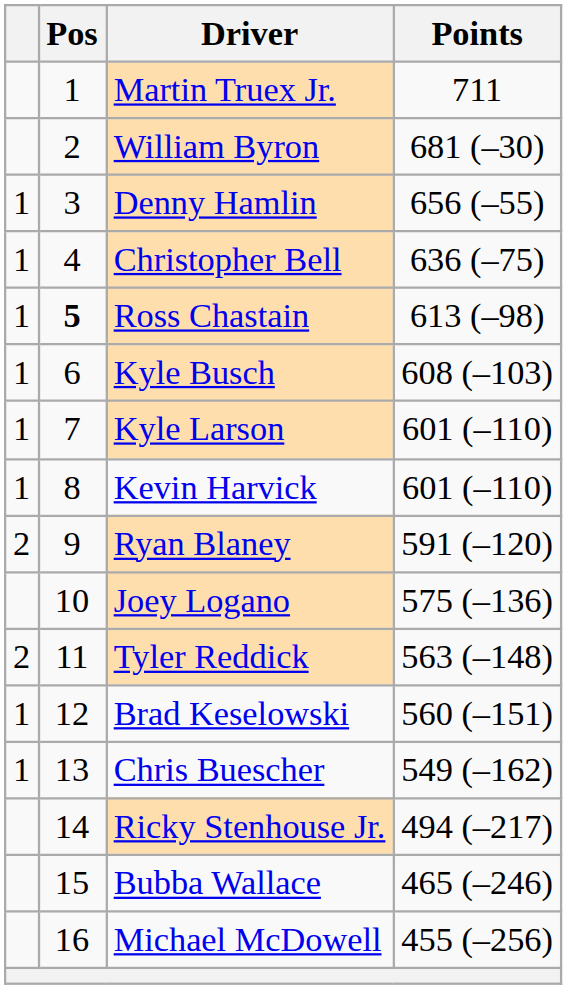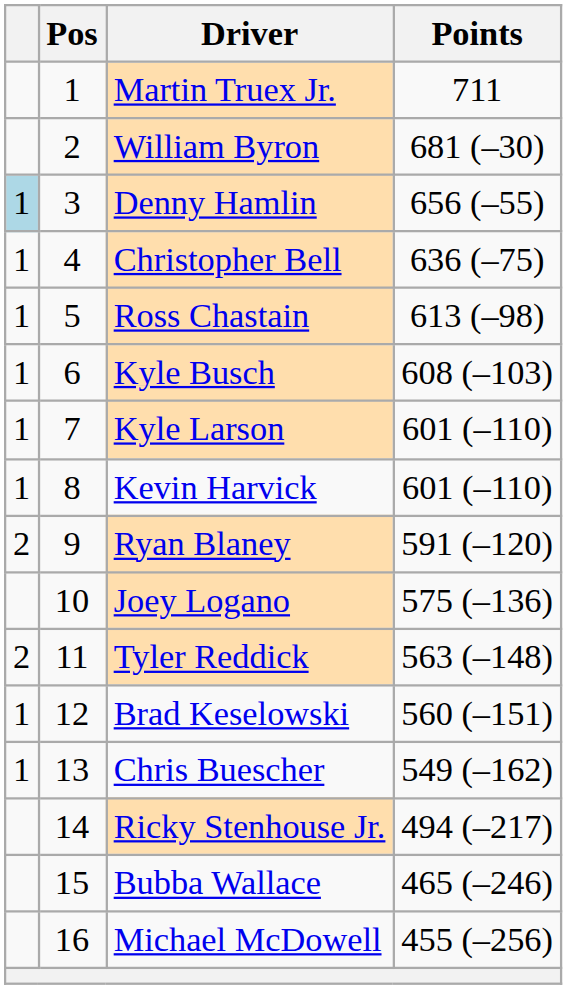 <table class="wikitable" style="font-size: 95%;">
 <tr>
 <th></th>
 <th>Pos</th>
 <th>Driver</th>
 <th>Points</th>
 </tr>
 <tr>
 <td align="left"></td>
 <td style="text-align:center;">1</td>
 <td style="background:#FFDEAD;"><a href='#'>Martin Truex Jr.</a></td>
 <td style="text-align:center;">711</td>
 </tr>
 <tr>
 <td align="left"></td>
 <td style="text-align:center;">2</td>
 <td style="background:#FFDEAD;"><a href='#'>William Byron</a></td>
 <td style="text-align:center;">681 (–30)</td>
 </tr>
 <tr>
-<td align="left"> 1</td>
+<td align="left" style="background: lightblue;"> 1</td>
 <td style="text-align:center;">3</td>
 <td style="background:#FFDEAD;"><a href='#'>Denny Hamlin</a></td>
 <td style="text-align:center;">656 (–55)</td>
 </tr>
 <tr>
 <td align="left"> 1</td>
 <td style="text-align:center;">4</td>
 <td style="background:#FFDEAD;"><a href='#'>Christopher Bell</a></td>
 <td style="text-align:center;">636 (–75)</td>
 </tr>
 <tr>
 <td align="left"> 1</td>
-<td style="text-align:center;"><strong>5</strong></td>
+<td style="text-align:center;">5</td>
 <td style="background:#FFDEAD;"><a href='#'>Ross Chastain</a></td>
 <td style="text-align:center;">613 (–98)</td>
 </tr>
 <tr>
 <td align="left"> 1</td>
 <td style="text-align:center;">6</td>
 <td style="background:#FFDEAD;"><a href='#'>Kyle Busch</a></td>
 <td style="text-align:center;">608 (–103)</td>
 </tr>
 <tr>
 <td align="left"> 1</td>
 <td style="text-align:center;">7</td>
 <td style="background:#FFDEAD;"><a href='#'>Kyle Larson</a></td>
 <td style="text-align:center;">601 (–110)</td>
 </tr>
 <tr>
 <td align="left"> 1</td>
 <td style="text-align:center;">8</td>
 <td><a href='#'>Kevin Harvick</a></td>
 <td style="text-align:center;">601 (–110)</td>
 </tr>
 <tr>
 <td align="left"> 2</td>
 <td style="text-align:center;">9</td>
 <td style="background:#FFDEAD;"><a href='#'>Ryan Blaney</a></td>
 <td style="text-align:center;">591 (–120)</td>
 </tr>
 <tr>
 <td align="left"></td>
 <td style="text-align:center;">10</td>
 <td style="background:#FFDEAD;"><a href='#'>Joey Logano</a></td>
 <td style="text-align:center;">575 (–136)</td>
 </tr>
 <tr>
 <td align="left"> 2</td>
 <td style="text-align:center;">11</td>
 <td style="background:#FFDEAD;"><a href='#'>Tyler Reddick</a></td>
 <td style="text-align:center;">563 (–148)</td>
 </tr>
 <tr>
 <td align="left"> 1</td>
 <td style="text-align:center;">12</td>
 <td><a href='#'>Brad Keselowski</a></td>
 <td style="text-align:center;">560 (–151)</td>
 </tr>
 <tr>
 <td align="left"> 1</td>
 <td style="text-align:center;">13</td>
 <td><a href='#'>Chris Buescher</a></td>
 <td style="text-align:center;">549 (–162)</td>
 </tr>
 <tr>
 <td align="left"></td>
 <td style="text-align:center;">14</td>
 <td style="background:#FFDEAD;"><a href='#'>Ricky Stenhouse Jr.</a></td>
 <td style="text-align:center;">494 (–217)</td>
 </tr>
 <tr>
 <td align="left"></td>
 <td style="text-align:center;">15</td>
 <td><a href='#'>Bubba Wallace</a></td>
 <td style="text-align:center;">465 (–246)</td>
 </tr>
 <tr>
 <td align="left"></td>
 <td style="text-align:center;">16</td>
 <td><a href='#'>Michael McDowell</a></td>
 <td style="text-align:center;">455 (–256)</td>
 </tr>
 <tr class="sortbottom">
 <th colspan="9"></th>
 </tr>
 </table>
